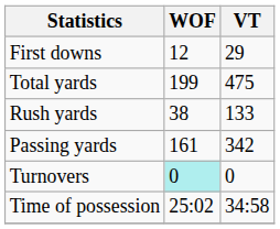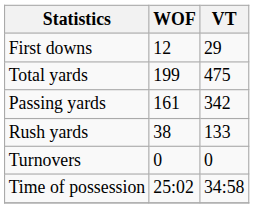 <table class="wikitable" style="float: left;">
 <tr>
 <th>Statistics</th>
 <th>WOF</th>
 <th>VT</th>
 </tr>
 <tr>
 <td>First downs</td>
 <td>12</td>
 <td>29</td>
 </tr>
 <tr>
 <td>Total yards</td>
 <td>199</td>
 <td>475</td>
 </tr>
 <tr>
+<td>Passing yards</td>
+<td>161</td>
+<td>342</td>
+</tr>
+<tr>
 <td>Rush yards</td>
 <td>38</td>
 <td>133</td>
 </tr>
 <tr>
-<td>Passing yards</td>
-<td>161</td>
-<td>342</td>
-</tr>
-<tr>
 <td>Turnovers</td>
-<td style="background: paleturquoise;">0</td>
+<td>0</td>
 <td>0</td>
 </tr>
 <tr>
 <td>Time of possession</td>
 <td>25:02</td>
 <td>34:58</td>
 </tr>
 <tr>
 </tr>
 </table>
